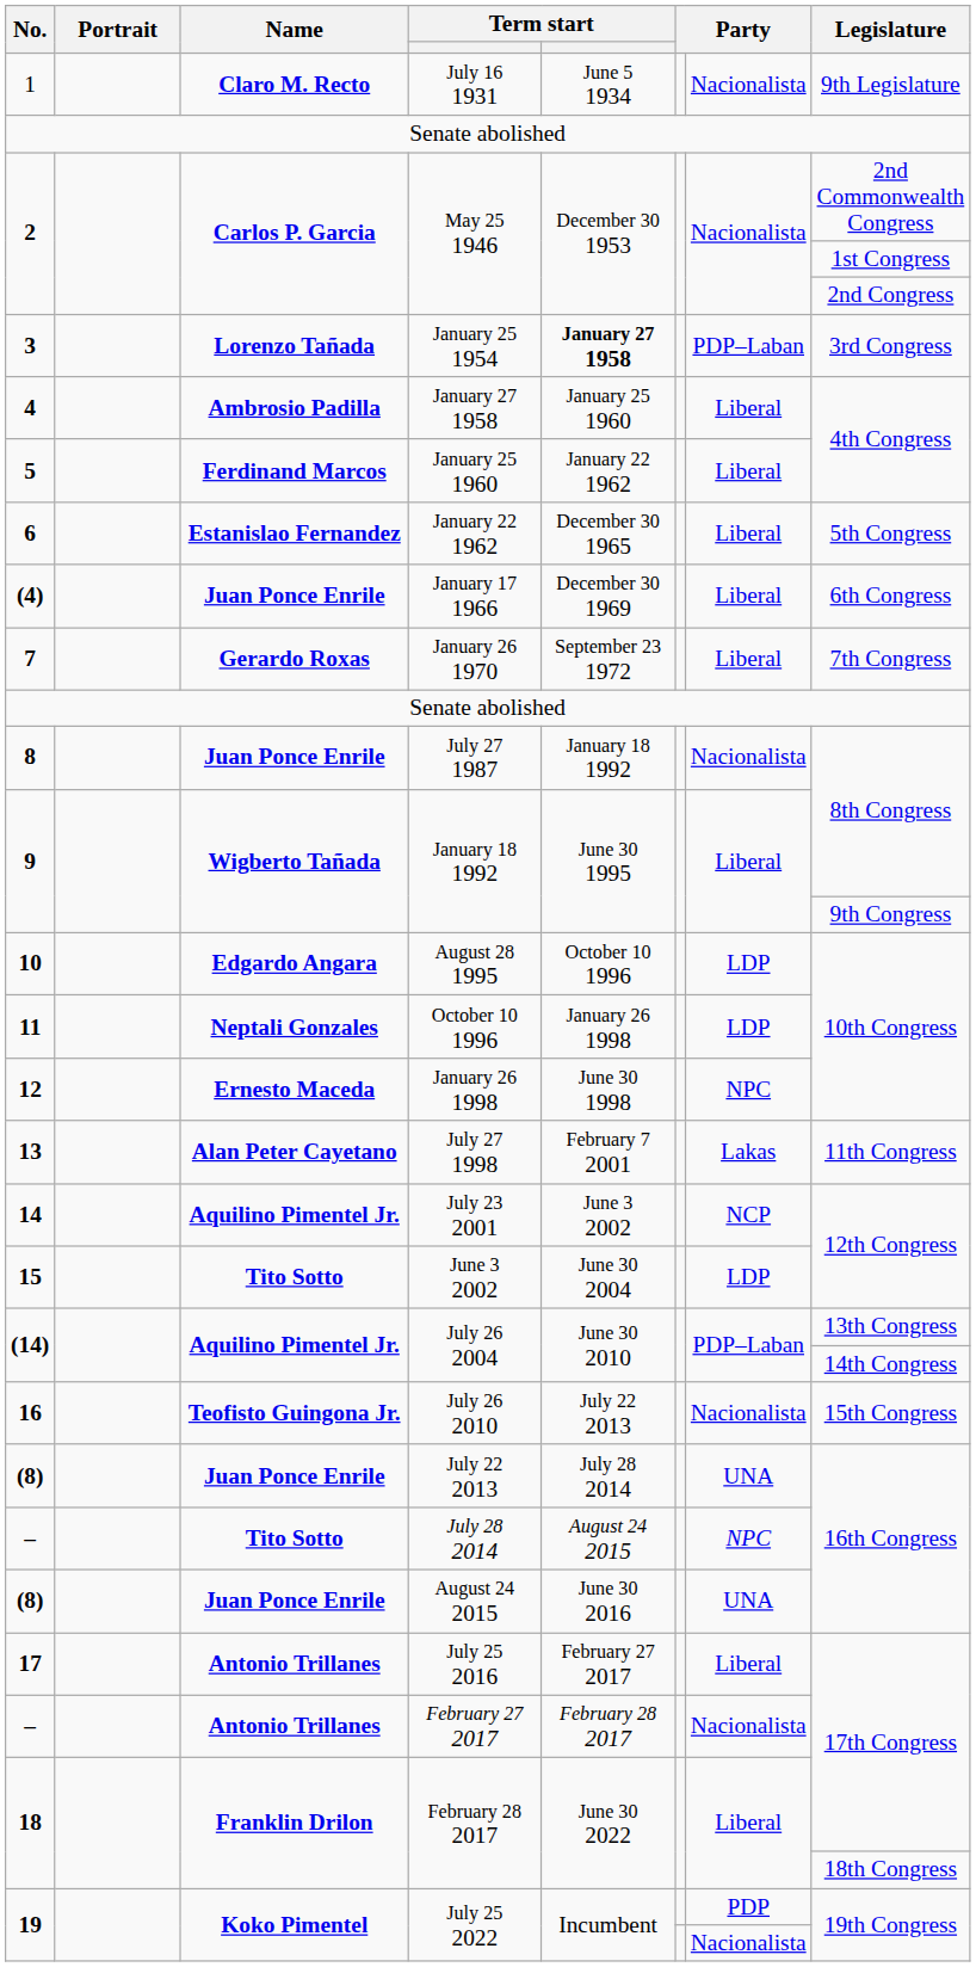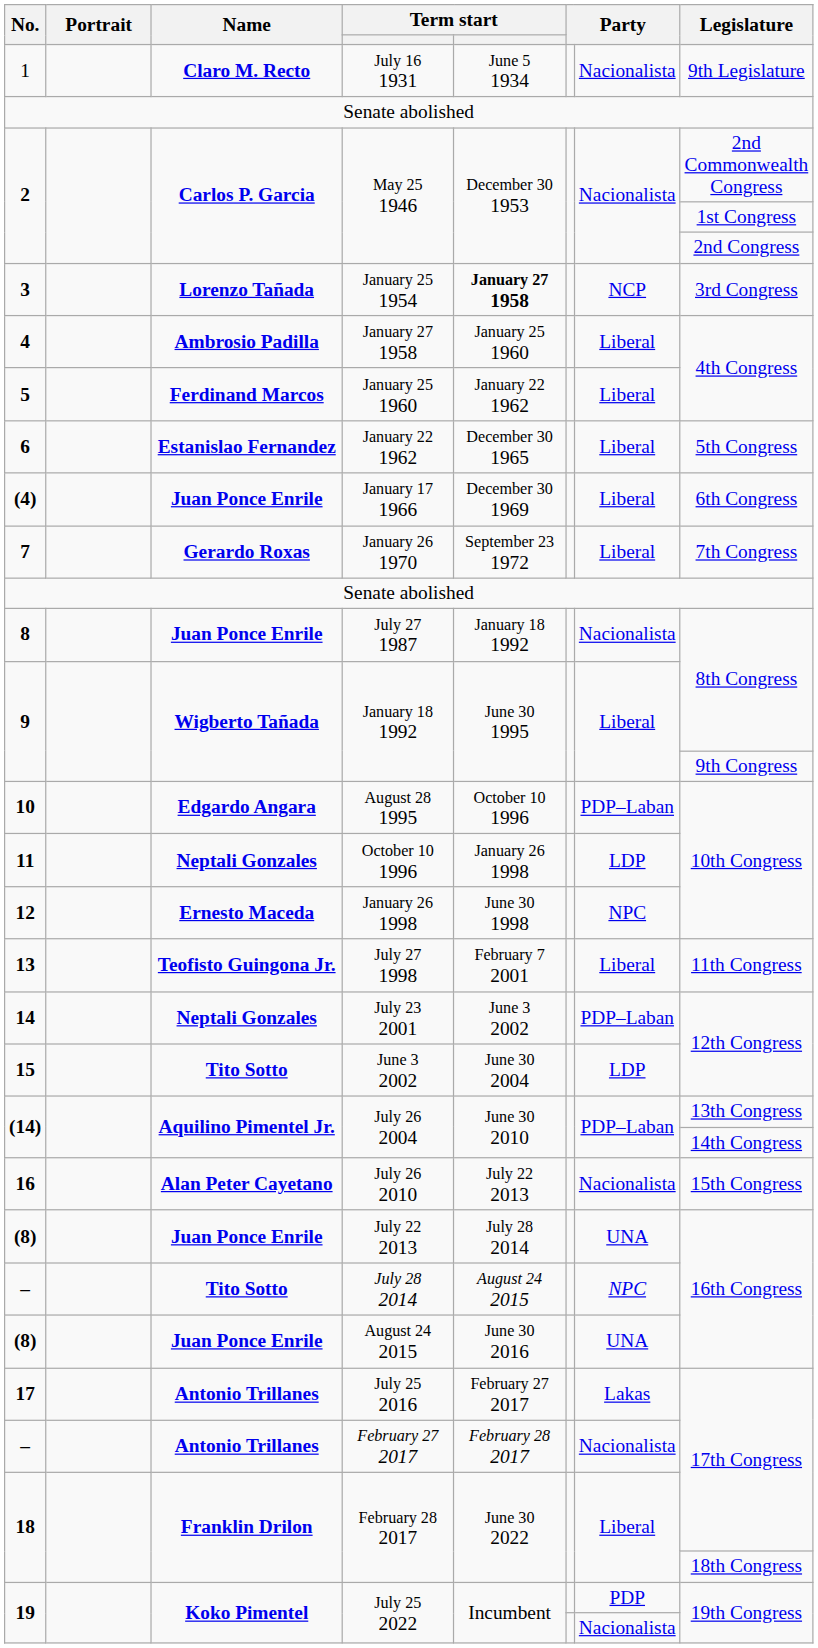 <table class="wikitable" style="text-align:center; border:1px #AAAAFF solid">
 <tr>
 <th rowspan="2">No.</th>
 <th rowspan="2" align="center" width="80">Portrait</th>
 <th rowspan="2" width="150">Name<br></th>
 <th colspan="2">Term start</th>
 <th colspan="2" rowspan="2" align="center" width="0">Party</th>
 <th rowspan="2" width="100">Legislature</th>
 </tr>
 <tr>
 <th width="85"></th>
 <th width="85"></th>
 </tr>
 <tr>
 <td>1</td>
 <td></td>
 <td><strong><a href='#'>Claro M. Recto</a></strong><br></td>
 <td><small>July 16</small><br>1931</td>
 <td><small>June 5</small><br>1934</td>
 <td></td>
 <td><a href='#'>Nacionalista</a></td>
 <td><a href='#'>9th Legislature</a></td>
 </tr>
 <tr>
 <td colspan="8">Senate abolished<br></td>
 </tr>
 <tr>
 <td rowspan="3"><strong>2</strong></td>
 <td rowspan="3"></td>
 <td rowspan="3"><strong><a href='#'>Carlos P. Garcia</a></strong><br></td>
 <td rowspan="3"><small>May 25</small><br>1946</td>
 <td rowspan="3"><small>December 30</small><br>1953</td>
 <td rowspan="3"></td>
 <td rowspan="3"><a href='#'>Nacionalista</a></td>
 <td><a href='#'>2nd Commonwealth Congress</a></td>
 </tr>
 <tr>
 <td><a href='#'>1st Congress</a></td>
 </tr>
 <tr>
 <td><a href='#'>2nd Congress</a></td>
 </tr>
 <tr>
 <td><strong>3</strong></td>
 <td></td>
 <td><strong><a href='#'>Lorenzo Tañada</a></strong><br></td>
 <td><small>January 25</small><br>1954</td>
 <td><strong><small>January 27</small><br>1958</strong></td>
 <td></td>
-<td><a href='#'>PDP–Laban</a></td>
+<td><a href='#'>NCP</a></td>
 <td><a href='#'>3rd Congress</a></td>
 </tr>
 <tr>
 <td><strong>4</strong></td>
 <td></td>
 <td><strong><a href='#'>Ambrosio Padilla</a></strong><br></td>
 <td><small>January 27</small><br>1958</td>
 <td><small>January 25</small><br>1960</td>
 <td></td>
 <td><a href='#'>Liberal</a></td>
 <td rowspan="2"><a href='#'>4th Congress</a></td>
 </tr>
 <tr>
 <td><strong>5</strong></td>
 <td></td>
 <td><strong><a href='#'>Ferdinand Marcos</a></strong><br></td>
 <td><small>January 25</small><br>1960</td>
 <td><small>January 22</small><br>1962</td>
 <td></td>
 <td><a href='#'>Liberal</a></td>
 </tr>
 <tr>
 <td><strong>6</strong></td>
 <td></td>
 <td><strong><a href='#'>Estanislao Fernandez</a></strong><br></td>
 <td><small>January 22</small><br>1962</td>
 <td><small>December 30</small><br>1965</td>
 <td></td>
 <td><a href='#'>Liberal</a></td>
 <td><a href='#'>5th Congress</a></td>
 </tr>
 <tr>
 <td><strong>(4)</strong></td>
 <td></td>
 <td><strong><a href='#'>Juan Ponce Enrile</a></strong><br></td>
 <td><small>January 17</small><br>1966</td>
 <td><small>December 30</small><br>1969</td>
 <td></td>
 <td><a href='#'>Liberal</a></td>
 <td><a href='#'>6th Congress</a></td>
 </tr>
 <tr>
 <td><strong>7</strong></td>
 <td></td>
 <td><strong><a href='#'>Gerardo Roxas</a></strong><br></td>
 <td><small>January 26</small><br>1970</td>
 <td><small>September 23</small><br>1972</td>
 <td></td>
 <td><a href='#'>Liberal</a></td>
 <td><a href='#'>7th Congress</a></td>
 </tr>
 <tr>
 <td colspan="8">Senate abolished<br></td>
 </tr>
 <tr>
 <td><strong>8</strong></td>
 <td></td>
 <td><strong><a href='#'>Juan Ponce Enrile</a></strong><br></td>
 <td><small>July 27</small><br>1987</td>
 <td><small>January 18</small><br>1992</td>
 <td></td>
 <td><a href='#'>Nacionalista</a></td>
 <td rowspan="2"><a href='#'>8th Congress</a></td>
 </tr>
 <tr style="height:74px;">
 <td rowspan="2"><strong>9</strong></td>
 <td rowspan="2"></td>
 <td rowspan="2"><strong><a href='#'>Wigberto Tañada</a></strong><br></td>
 <td rowspan="2"><small>January 18</small><br>1992</td>
 <td rowspan="2"><small>June 30</small><br>1995</td>
 <td rowspan="2"></td>
 <td rowspan="2"><a href='#'>Liberal</a></td>
 </tr>
 <tr>
 <td><a href='#'>9th Congress</a></td>
 </tr>
 <tr>
 <td><strong>10</strong></td>
 <td></td>
 <td><strong><a href='#'>Edgardo Angara</a></strong><br></td>
 <td><small>August 28</small><br>1995</td>
 <td><small>October 10</small><br>1996</td>
 <td></td>
-<td><a href='#'>LDP</a></td>
+<td><a href='#'>PDP–Laban</a></td>
 <td rowspan="3"><a href='#'>10th Congress</a></td>
 </tr>
 <tr>
 <td><strong>11</strong></td>
 <td></td>
 <td><strong><a href='#'>Neptali Gonzales</a></strong><br></td>
 <td><small>October 10</small><br>1996</td>
 <td><small>January 26</small><br>1998</td>
 <td></td>
 <td><a href='#'>LDP</a></td>
 </tr>
 <tr>
 <td><strong>12</strong></td>
 <td></td>
 <td><strong><a href='#'>Ernesto Maceda</a></strong><br></td>
 <td><small>January 26</small><br>1998</td>
 <td><small>June 30</small><br>1998</td>
 <td></td>
 <td><a href='#'>NPC</a></td>
 </tr>
 <tr>
 <td><strong>13</strong></td>
 <td></td>
-<td><strong><a href='#'>Alan Peter Cayetano</a></strong><br></td>
+<td><strong><a href='#'>Teofisto Guingona Jr.</a></strong><br></td>
 <td><small>July 27</small><br>1998</td>
 <td><small>February 7</small><br>2001</td>
 <td></td>
-<td><a href='#'>Lakas</a></td>
+<td><a href='#'>Liberal</a></td>
 <td><a href='#'>11th Congress</a></td>
 </tr>
 <tr>
 <td><strong>14</strong></td>
 <td></td>
-<td><strong><a href='#'>Aquilino Pimentel Jr.</a></strong><br></td>
+<td><strong><a href='#'>Neptali Gonzales</a></strong><br></td>
 <td><small>July 23</small><br>2001</td>
 <td><small>June 3</small><br>2002</td>
 <td></td>
-<td><a href='#'>NCP</a></td>
+<td><a href='#'>PDP–Laban</a></td>
 <td rowspan="2"><a href='#'>12th Congress</a></td>
 </tr>
 <tr>
 <td><strong>15</strong></td>
 <td></td>
 <td><strong><a href='#'>Tito Sotto</a></strong><br></td>
 <td><small>June 3</small><br>2002</td>
 <td><small>June 30</small><br>2004</td>
 <td></td>
 <td><a href='#'>LDP</a></td>
 </tr>
 <tr>
 <td rowspan="2"><strong>(14)</strong></td>
 <td rowspan="2"></td>
 <td rowspan="2"><strong><a href='#'>Aquilino Pimentel Jr.</a></strong><br></td>
 <td rowspan="2"><small>July 26</small><br>2004</td>
 <td rowspan="2"><small>June 30</small><br>2010</td>
 <td rowspan="2"></td>
 <td rowspan="2"><a href='#'>PDP–Laban</a></td>
 <td><a href='#'>13th Congress</a></td>
 </tr>
 <tr>
 <td><a href='#'>14th Congress</a></td>
 </tr>
 <tr>
 <td><strong>16</strong></td>
 <td></td>
-<td><strong><a href='#'>Teofisto Guingona Jr.</a></strong><br></td>
+<td><strong><a href='#'>Alan Peter Cayetano</a></strong><br></td>
 <td><small>July 26</small><br>2010</td>
 <td><small>July 22</small><br>2013</td>
 <td></td>
 <td><a href='#'>Nacionalista</a></td>
 <td><a href='#'>15th Congress</a></td>
 </tr>
 <tr>
 <td><strong>(8)</strong></td>
 <td></td>
 <td><strong><a href='#'>Juan Ponce Enrile</a></strong><br></td>
 <td><small>July 22</small><br>2013</td>
 <td><small>July 28</small><br>2014</td>
 <td></td>
 <td><a href='#'>UNA</a></td>
 <td rowspan="3"><a href='#'>16th Congress</a></td>
 </tr>
 <tr>
 <td><strong>–</strong></td>
 <td></td>
 <td><strong><a href='#'>Tito Sotto</a></strong><br></td>
 <td><em><small>July 28</small><br>2014</em></td>
 <td><em><small>August 24</small><br>2015</em></td>
 <td></td>
 <td><a href='#'><em>NPC</em></a></td>
 </tr>
 <tr>
 <td><strong>(8)</strong></td>
 <td></td>
 <td><strong><a href='#'>Juan Ponce Enrile</a></strong><br></td>
 <td><small>August 24</small><br>2015</td>
 <td><small>June 30</small><br>2016</td>
 <td></td>
 <td><a href='#'>UNA</a></td>
 </tr>
 <tr>
 <td><strong>17</strong></td>
 <td></td>
 <td><strong><a href='#'>Antonio Trillanes</a></strong><br></td>
 <td><small>July 25</small><br>2016</td>
 <td><small>February 27</small><br>2017</td>
 <td></td>
-<td><a href='#'>Liberal</a></td>
+<td><a href='#'>Lakas</a></td>
 <td rowspan="3"><a href='#'>17th Congress</a></td>
 </tr>
 <tr>
 <td><strong>–</strong></td>
 <td></td>
 <td><strong><a href='#'>Antonio Trillanes</a></strong><br></td>
 <td><em><small>February 27</small><br>2017</em></td>
 <td><em><small>February 28</small><br>2017</em></td>
 <td></td>
 <td><a href='#'>Nacionalista</a></td>
 </tr>
 <tr style="height:65px;">
 <td rowspan="2"><strong>18</strong></td>
 <td rowspan="2"></td>
 <td rowspan="2"><strong><a href='#'>Franklin Drilon</a></strong><br></td>
 <td rowspan="2"><small>February 28</small><br>2017</td>
 <td rowspan="2"><small>June 30</small><br>2022</td>
 <td rowspan="2"></td>
 <td rowspan="2"><a href='#'>Liberal</a></td>
 </tr>
 <tr>
 <td><a href='#'>18th Congress</a></td>
 </tr>
 <tr>
 <td rowspan="2"><strong>19</strong></td>
 <td rowspan="2"></td>
 <td rowspan="2"><strong><a href='#'>Koko Pimentel</a></strong><br></td>
 <td rowspan="2"><small>July 25</small><br>2022</td>
 <td rowspan="2">Incumbent</td>
 <td></td>
 <td><a href='#'>PDP</a></td>
 <td rowspan="2"><a href='#'>19th Congress</a></td>
 </tr>
 <tr>
 <td></td>
 <td><a href='#'>Nacionalista</a></td>
 </tr>
 </table>
